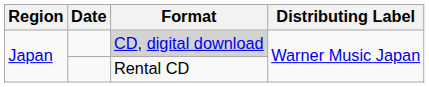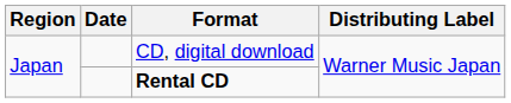 <table class="wikitable">
 <tr>
 <th>Region</th>
 <th>Date</th>
 <th>Format</th>
 <th>Distributing Label</th>
 </tr>
 <tr>
 <td rowspan="2"><a href='#'>Japan</a></td>
 <td></td>
-<td style="background: lightgrey;"><a href='#'>CD</a>, <a href='#'>digital download</a></td>
+<td><a href='#'>CD</a>, <a href='#'>digital download</a></td>
 <td rowspan="2"><a href='#'>Warner Music Japan</a></td>
 </tr>
 <tr>
 <td></td>
-<td>Rental CD</td>
+<td><strong>Rental CD</strong></td>
 </tr>
 </table>
